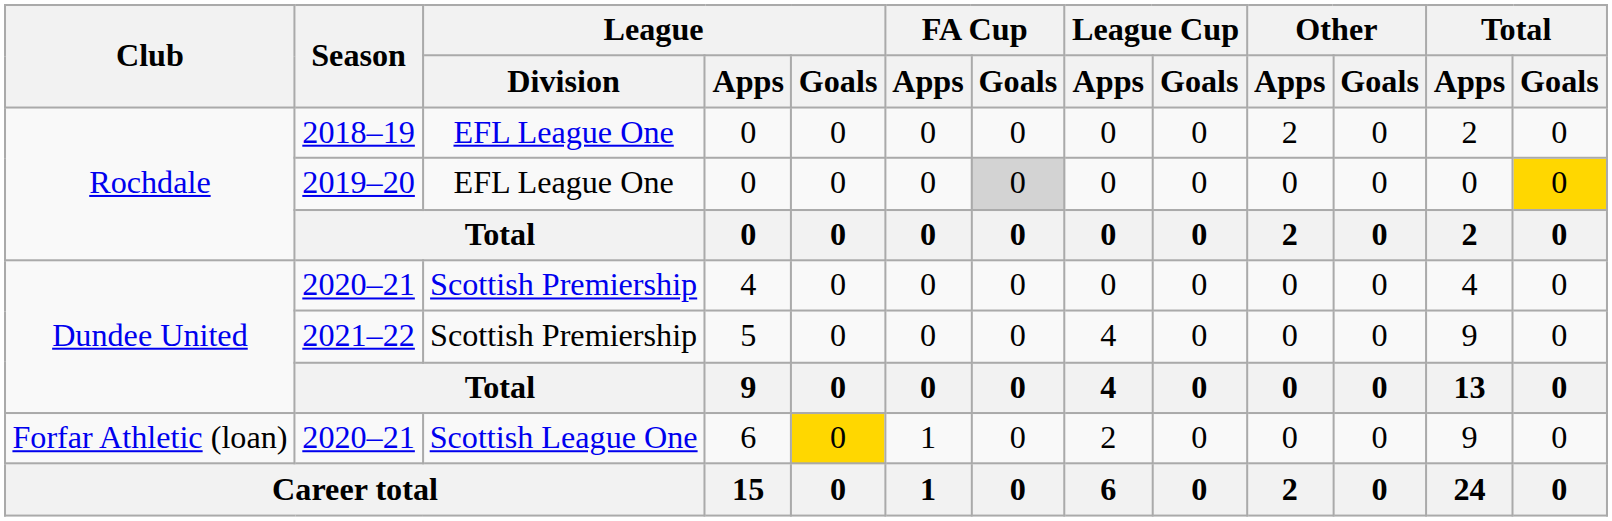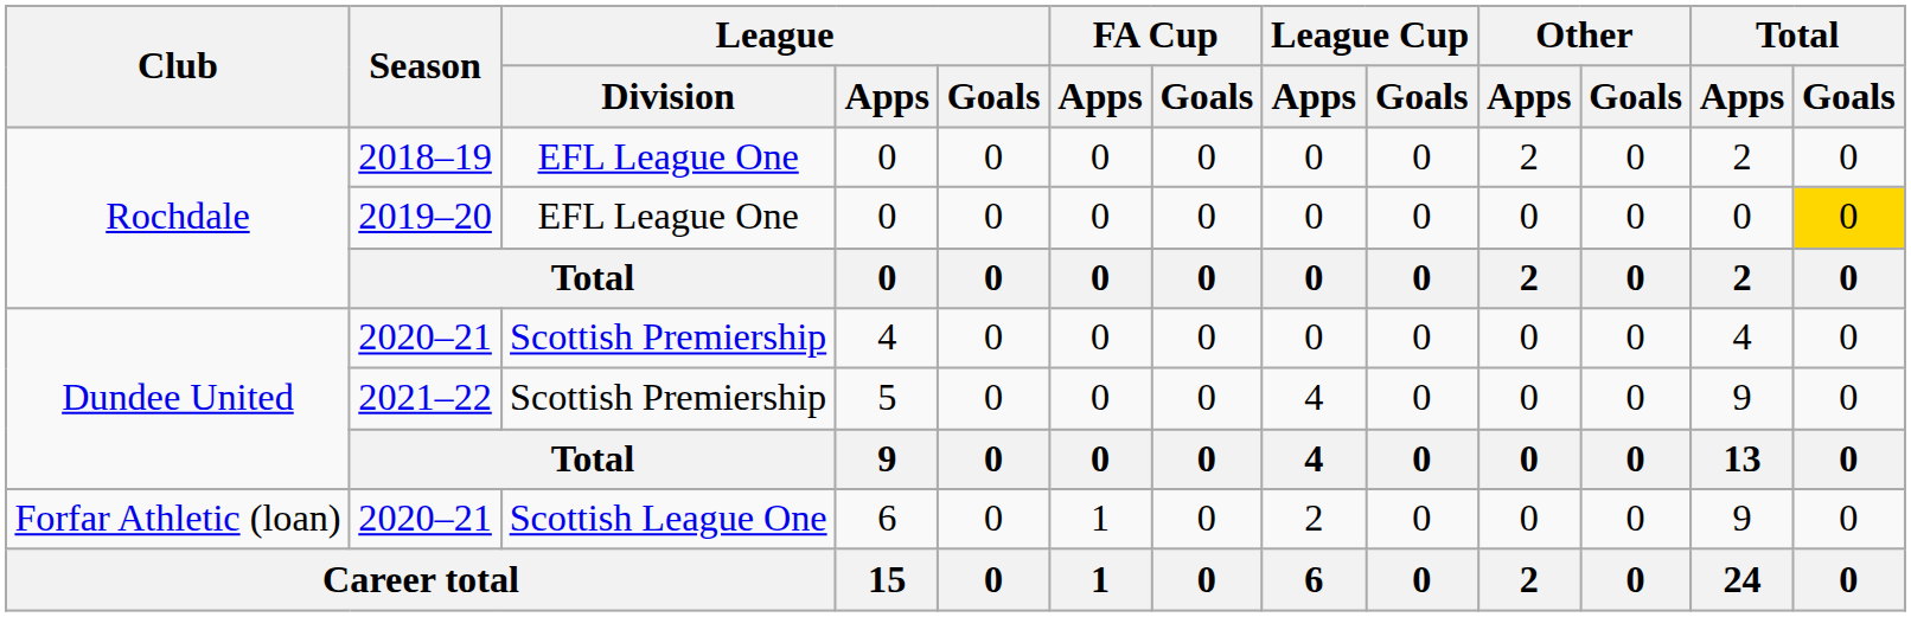 <table class="wikitable" style="text-align: center">
 <tr>
 <th rowspan="2">Club</th>
 <th rowspan="2">Season</th>
 <th colspan="3">League</th>
 <th colspan="2">FA Cup</th>
 <th colspan="2">League Cup</th>
 <th colspan="2">Other</th>
 <th colspan="2">Total</th>
 </tr>
 <tr>
 <th>Division</th>
 <th>Apps</th>
 <th>Goals</th>
 <th>Apps</th>
 <th>Goals</th>
 <th>Apps</th>
 <th>Goals</th>
 <th>Apps</th>
 <th>Goals</th>
 <th>Apps</th>
 <th>Goals</th>
 </tr>
 <tr>
 <td rowspan="3"><a href='#'>Rochdale</a></td>
 <td><a href='#'>2018–19</a></td>
 <td><a href='#'>EFL League One</a></td>
 <td>0</td>
 <td>0</td>
 <td>0</td>
 <td>0</td>
 <td>0</td>
 <td>0</td>
 <td>2</td>
 <td>0</td>
 <td>2</td>
 <td>0</td>
 </tr>
 <tr>
 <td><a href='#'>2019–20</a></td>
 <td>EFL League One</td>
 <td>0</td>
 <td>0</td>
 <td>0</td>
-<td style="background: lightgrey;">0</td>
+<td>0</td>
 <td>0</td>
 <td>0</td>
 <td>0</td>
 <td>0</td>
 <td>0</td>
 <td style="background: gold;">0</td>
 </tr>
 <tr>
 <th colspan="2">Total</th>
 <th>0</th>
 <th>0</th>
 <th>0</th>
 <th>0</th>
 <th>0</th>
 <th>0</th>
 <th>2</th>
 <th>0</th>
 <th>2</th>
 <th>0</th>
 </tr>
 <tr>
 <td rowspan=3><a href='#'>Dundee United</a></td>
 <td><a href='#'>2020–21</a></td>
 <td><a href='#'>Scottish Premiership</a></td>
 <td>4</td>
 <td>0</td>
 <td>0</td>
 <td>0</td>
 <td>0</td>
 <td>0</td>
 <td>0</td>
 <td>0</td>
 <td>4</td>
 <td>0</td>
 </tr>
 <tr>
 <td><a href='#'>2021–22</a></td>
 <td>Scottish Premiership</td>
 <td>5</td>
 <td>0</td>
 <td>0</td>
 <td>0</td>
 <td>4</td>
 <td>0</td>
 <td>0</td>
 <td>0</td>
 <td>9</td>
 <td>0</td>
 </tr>
 <tr>
 <th colspan=2>Total</th>
 <th>9</th>
 <th>0</th>
 <th>0</th>
 <th>0</th>
 <th>4</th>
 <th>0</th>
 <th>0</th>
 <th>0</th>
 <th>13</th>
 <th>0</th>
 </tr>
 <tr>
 <td><a href='#'>Forfar Athletic</a> (loan)</td>
 <td><a href='#'>2020–21</a></td>
 <td><a href='#'>Scottish League One</a></td>
 <td>6</td>
-<td style="background: gold;">0</td>
+<td>0</td>
 <td>1</td>
 <td>0</td>
 <td>2</td>
 <td>0</td>
 <td>0</td>
 <td>0</td>
 <td>9</td>
 <td>0</td>
 </tr>
 <tr>
 <th colspan="3">Career total</th>
 <th>15</th>
 <th>0</th>
 <th>1</th>
 <th>0</th>
 <th>6</th>
 <th>0</th>
 <th>2</th>
 <th>0</th>
 <th>24</th>
 <th>0</th>
 </tr>
 </table>
